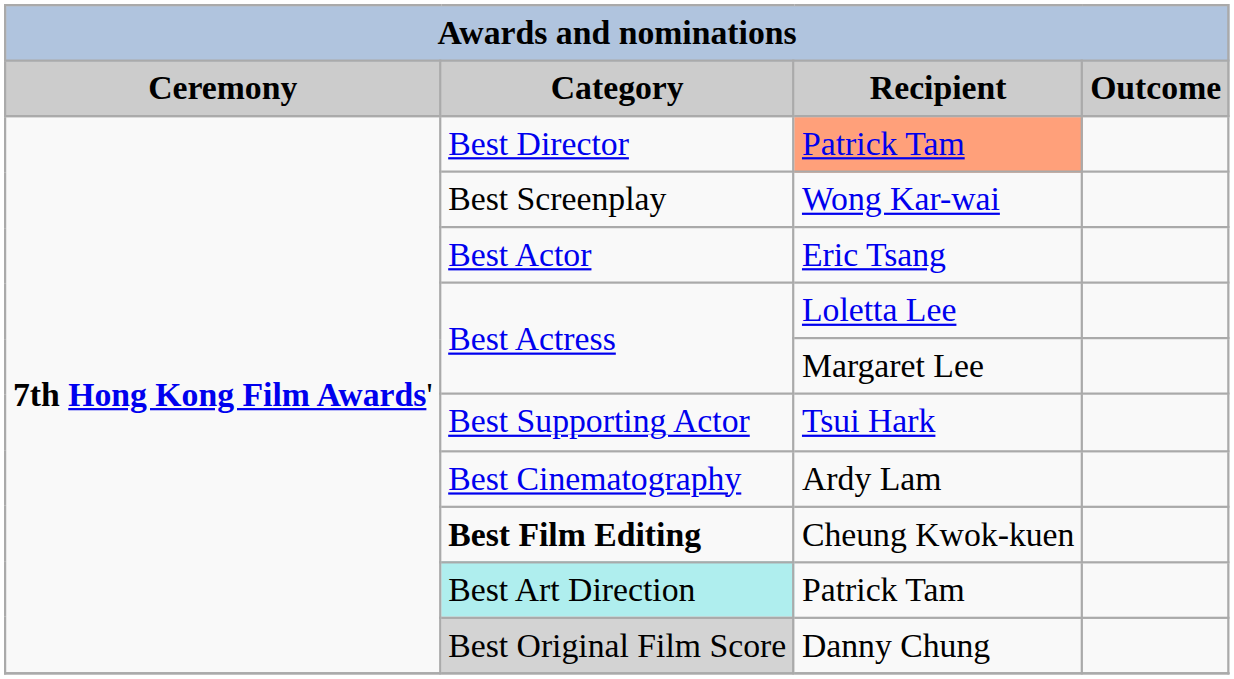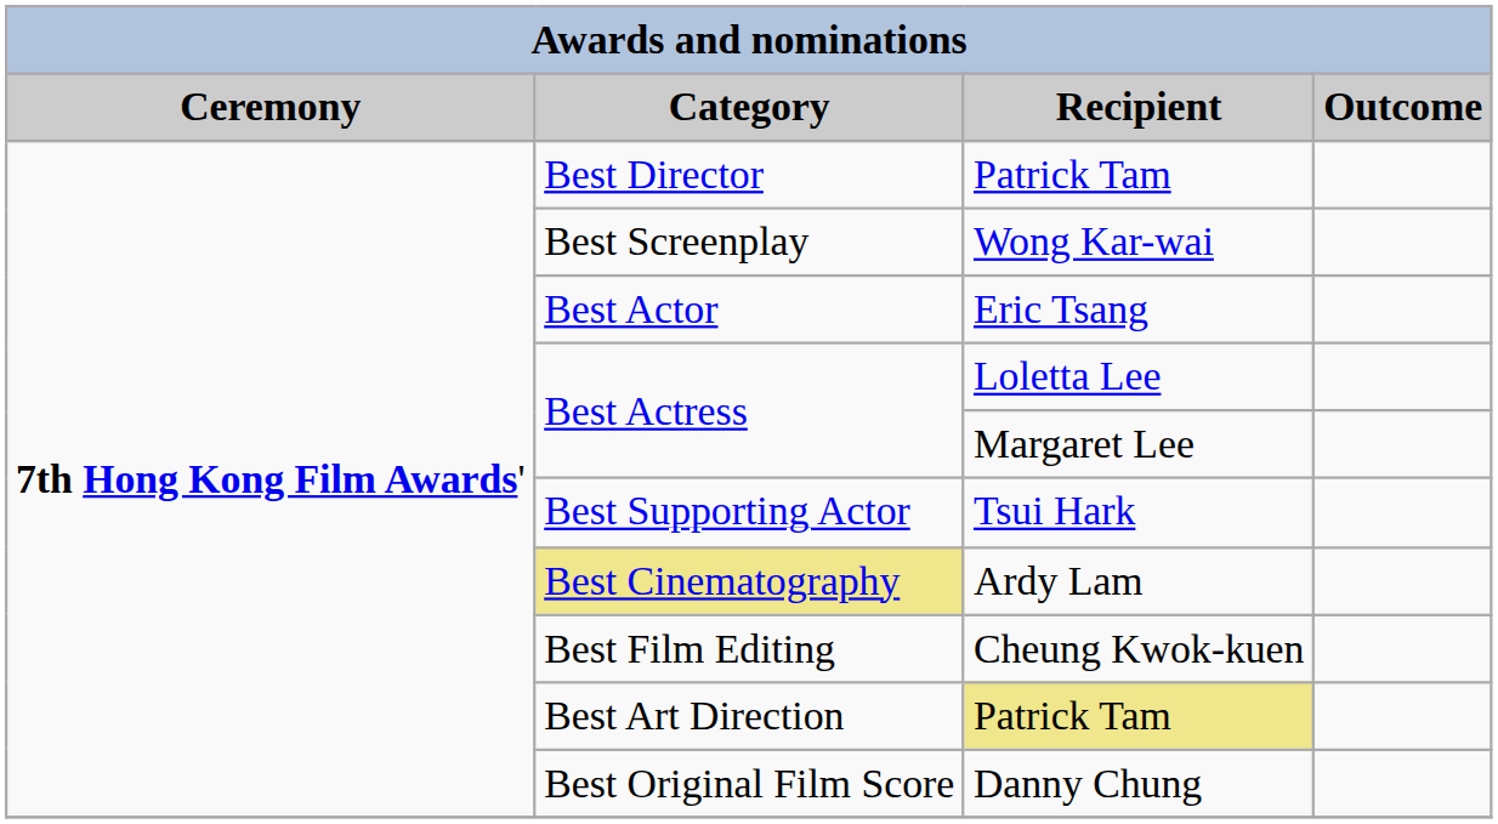 <table class="wikitable" style="font-size:95%;" ;>
 <tr style="background:#ccc; text-align:center;">
 <th colspan="4" style="background: LightSteelBlue;">Awards and nominations</th>
 </tr>
 <tr style="background:#ccc; text-align:center;">
 <th style="background:#ccc">Ceremony</th>
 <th style="background:#ccc">Category</th>
 <th style="background:#ccc">Recipient</th>
 <th style="background:#ccc">Outcome</th>
 </tr>
 <tr>
 <td rowspan=10><strong>7th <a href='#'>Hong Kong Film Awards</a></strong>'</td>
 <td><a href='#'>Best Director</a></td>
-<td style="background: lightsalmon;"><a href='#'>Patrick Tam</a></td>
+<td><a href='#'>Patrick Tam</a></td>
 <td></td>
 </tr>
 <tr>
 <td>Best Screenplay</td>
 <td><a href='#'>Wong Kar-wai</a></td>
 <td></td>
 </tr>
 <tr>
 <td><a href='#'>Best Actor</a></td>
 <td><a href='#'>Eric Tsang</a></td>
 <td></td>
 </tr>
 <tr>
 <td rowspan=2><a href='#'>Best Actress</a></td>
 <td><a href='#'>Loletta Lee</a></td>
 <td></td>
 </tr>
 <tr>
 <td>Margaret Lee</td>
 <td></td>
 </tr>
 <tr>
 <td><a href='#'>Best Supporting Actor</a></td>
 <td><a href='#'>Tsui Hark</a></td>
 <td></td>
 </tr>
 <tr>
-<td><a href='#'>Best Cinematography</a></td>
+<td style="background: khaki;"><a href='#'>Best Cinematography</a></td>
 <td>Ardy Lam</td>
 <td></td>
 </tr>
 <tr>
-<td><strong>Best Film Editing</strong></td>
+<td>Best Film Editing</td>
 <td>Cheung Kwok-kuen</td>
 <td></td>
 </tr>
 <tr>
-<td style="background: paleturquoise;">Best Art Direction</td>
-<td>Patrick Tam</td>
+<td>Best Art Direction</td>
+<td style="background: khaki;">Patrick Tam</td>
 <td></td>
 </tr>
 <tr>
-<td style="background: lightgrey;">Best Original Film Score</td>
+<td>Best Original Film Score</td>
 <td>Danny Chung</td>
 <td></td>
 </tr>
 <tr>
 </tr>
 </table>
